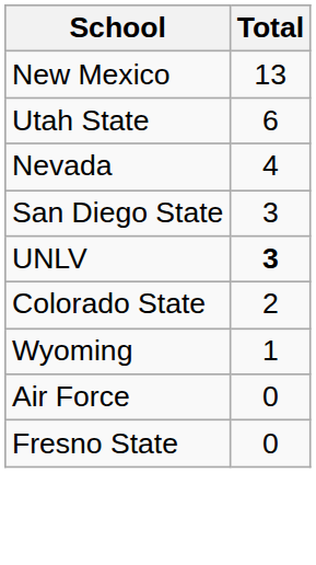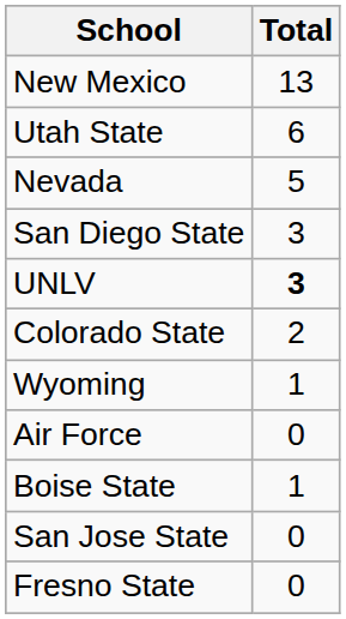 <table class=wikitable>
 <tr>
 <th>School</th>
 <th>Total</th>
 </tr>
 <tr>
 <td>New Mexico</td>
 <td align="center">13</td>
 </tr>
 <tr>
 <td style=>Utah State</td>
 <td align=center>6</td>
 </tr>
 <tr>
 <td>Nevada</td>
-<td align="center">4</td>
+<td align="center">5</td>
 </tr>
 <tr>
 <td>San Diego State</td>
 <td align="center">3</td>
 </tr>
 <tr>
 <td>UNLV</td>
 <td align="center"><strong>3</strong></td>
 </tr>
 <tr>
 <td>Colorado State</td>
 <td align="center">2</td>
 </tr>
 <tr>
 <td>Wyoming</td>
 <td align="center">1</td>
 </tr>
 <tr>
 <td style=>Air Force</td>
 <td align=center>0</td>
 </tr>
 <tr>
+<td style=>Boise State</td>
+<td align=center>1</td>
+</tr>
+<tr>
+<td style=>San Jose State</td>
+<td align=center>0</td>
+</tr>
+<tr>
 <td style=>Fresno State</td>
 <td align=center>0</td>
 </tr>
 </table>
